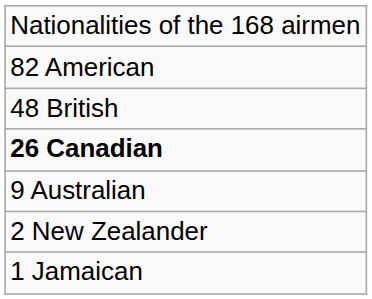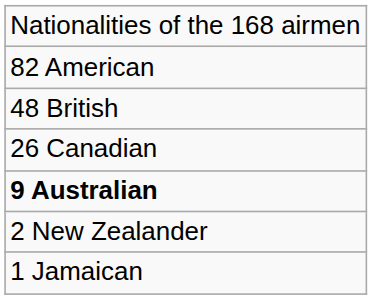 <table class="wikitable" align="right">
 <tr>
 <td>Nationalities of the 168 airmen</td>
 </tr>
 <tr>
 <td> 82 American</td>
 </tr>
 <tr>
 <td> 48 British</td>
 </tr>
 <tr>
-<td><strong> 26 Canadian</strong></td>
+<td> 26 Canadian</td>
 </tr>
 <tr>
-<td> 9 Australian</td>
+<td><strong> 9 Australian</strong></td>
 </tr>
 <tr>
 <td> 2 New Zealander</td>
 </tr>
 <tr>
 <td> 1 Jamaican</td>
 </tr>
 </table>
